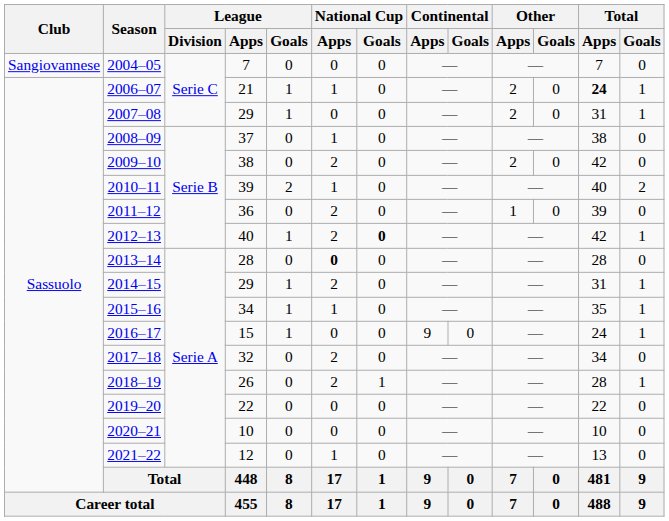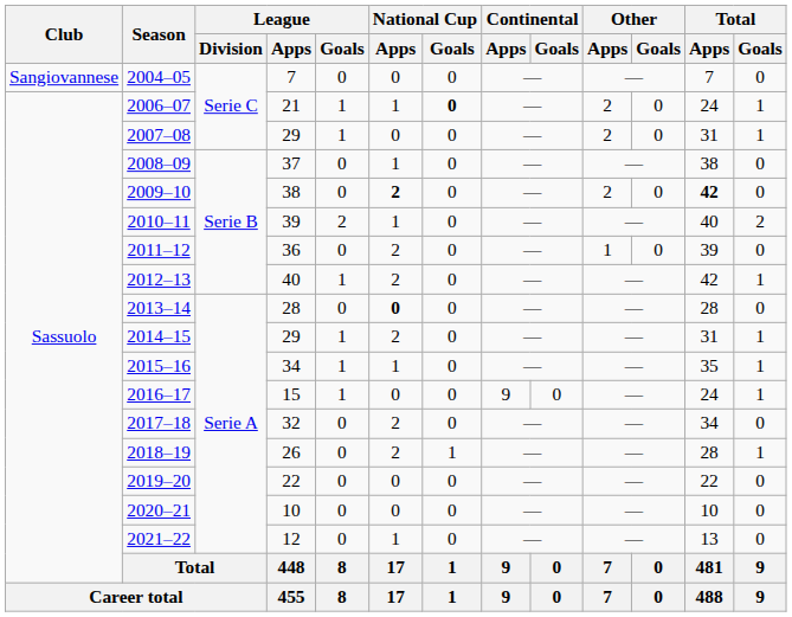 <table class="wikitable" style="text-align: center">
 <tr>
 <th rowspan="2">Club</th>
 <th rowspan="2">Season</th>
 <th colspan="3">League</th>
 <th colspan="2">National Cup</th>
 <th colspan="2">Continental</th>
 <th colspan="2">Other</th>
 <th colspan="2">Total</th>
 </tr>
 <tr>
 <th>Division</th>
 <th>Apps</th>
 <th>Goals</th>
 <th>Apps</th>
 <th>Goals</th>
 <th>Apps</th>
 <th>Goals</th>
 <th>Apps</th>
 <th>Goals</th>
 <th>Apps</th>
 <th>Goals</th>
 </tr>
 <tr>
 <td><a href='#'>Sangiovannese</a></td>
 <td><a href='#'>2004–05</a></td>
 <td rowspan="3"><a href='#'>Serie C</a></td>
 <td>7</td>
 <td>0</td>
 <td>0</td>
 <td>0</td>
 <td colspan="2">—</td>
 <td colspan="2">—</td>
 <td>7</td>
 <td>0</td>
 </tr>
 <tr>
 <td rowspan="17"><a href='#'>Sassuolo</a></td>
 <td><a href='#'>2006–07</a></td>
 <td>21</td>
 <td>1</td>
 <td>1</td>
-<td>0</td>
+<td><strong>0</strong></td>
 <td colspan="2">—</td>
 <td>2</td>
 <td>0</td>
-<td><strong>24</strong></td>
+<td>24</td>
 <td>1</td>
 </tr>
 <tr>
 <td><a href='#'>2007–08</a></td>
 <td>29</td>
 <td>1</td>
 <td>0</td>
 <td>0</td>
 <td colspan="2">—</td>
 <td>2</td>
 <td>0</td>
 <td>31</td>
 <td>1</td>
 </tr>
 <tr>
 <td><a href='#'>2008–09</a></td>
 <td rowspan="5"><a href='#'>Serie B</a></td>
 <td>37</td>
 <td>0</td>
 <td>1</td>
 <td>0</td>
 <td colspan="2">—</td>
 <td colspan="2">—</td>
 <td>38</td>
 <td>0</td>
 </tr>
 <tr>
 <td><a href='#'>2009–10</a></td>
 <td>38</td>
 <td>0</td>
-<td>2</td>
+<td><strong>2</strong></td>
 <td>0</td>
 <td colspan="2">—</td>
 <td>2</td>
 <td>0</td>
-<td>42</td>
+<td><strong>42</strong></td>
 <td>0</td>
 </tr>
 <tr>
 <td><a href='#'>2010–11</a></td>
 <td>39</td>
 <td>2</td>
 <td>1</td>
 <td>0</td>
 <td colspan="2">—</td>
 <td colspan="2">—</td>
 <td>40</td>
 <td>2</td>
 </tr>
 <tr>
 <td><a href='#'>2011–12</a></td>
 <td>36</td>
 <td>0</td>
 <td>2</td>
 <td>0</td>
 <td colspan="2">—</td>
 <td>1</td>
 <td>0</td>
 <td>39</td>
 <td>0</td>
 </tr>
 <tr>
 <td><a href='#'>2012–13</a></td>
 <td>40</td>
 <td>1</td>
 <td>2</td>
-<td><strong>0</strong></td>
+<td>0</td>
 <td colspan="2">—</td>
 <td colspan="2">—</td>
 <td>42</td>
 <td>1</td>
 </tr>
 <tr>
 <td><a href='#'>2013–14</a></td>
 <td rowspan="9"><a href='#'>Serie A</a></td>
 <td>28</td>
 <td>0</td>
 <td><strong>0</strong></td>
 <td>0</td>
 <td colspan="2">—</td>
 <td colspan="2">—</td>
 <td>28</td>
 <td>0</td>
 </tr>
 <tr>
 <td><a href='#'>2014–15</a></td>
 <td>29</td>
 <td>1</td>
 <td>2</td>
 <td>0</td>
 <td colspan="2">—</td>
 <td colspan="2">—</td>
 <td>31</td>
 <td>1</td>
 </tr>
 <tr>
 <td><a href='#'>2015–16</a></td>
 <td>34</td>
 <td>1</td>
 <td>1</td>
 <td>0</td>
 <td colspan="2">—</td>
 <td colspan="2">—</td>
 <td>35</td>
 <td>1</td>
 </tr>
 <tr>
 <td><a href='#'>2016–17</a></td>
 <td>15</td>
 <td>1</td>
 <td>0</td>
 <td>0</td>
 <td>9</td>
 <td>0</td>
 <td colspan="2">—</td>
 <td>24</td>
 <td>1</td>
 </tr>
 <tr>
 <td><a href='#'>2017–18</a></td>
 <td>32</td>
 <td>0</td>
 <td>2</td>
 <td>0</td>
 <td colspan="2">—</td>
 <td colspan="2">—</td>
 <td>34</td>
 <td>0</td>
 </tr>
 <tr>
 <td><a href='#'>2018–19</a></td>
 <td>26</td>
 <td>0</td>
 <td>2</td>
 <td>1</td>
 <td colspan="2">—</td>
 <td colspan="2">—</td>
 <td>28</td>
 <td>1</td>
 </tr>
 <tr>
 <td><a href='#'>2019–20</a></td>
 <td>22</td>
 <td>0</td>
 <td>0</td>
 <td>0</td>
 <td colspan="2">—</td>
 <td colspan="2">—</td>
 <td>22</td>
 <td>0</td>
 </tr>
 <tr>
 <td><a href='#'>2020–21</a></td>
 <td>10</td>
 <td>0</td>
 <td>0</td>
 <td>0</td>
 <td colspan="2">—</td>
 <td colspan="2">—</td>
 <td>10</td>
 <td>0</td>
 </tr>
 <tr>
 <td><a href='#'>2021–22</a></td>
 <td>12</td>
 <td>0</td>
 <td>1</td>
 <td>0</td>
 <td colspan="2">—</td>
 <td colspan="2">—</td>
 <td>13</td>
 <td>0</td>
 </tr>
 <tr>
 <th colspan="2">Total</th>
 <th>448</th>
 <th>8</th>
 <th>17</th>
 <th>1</th>
 <th>9</th>
 <th>0</th>
 <th>7</th>
 <th>0</th>
 <th>481</th>
 <th>9</th>
 </tr>
 <tr>
 <th colspan="3">Career total</th>
 <th>455</th>
 <th>8</th>
 <th>17</th>
 <th>1</th>
 <th>9</th>
 <th>0</th>
 <th>7</th>
 <th>0</th>
 <th>488</th>
 <th>9</th>
 </tr>
 </table>
